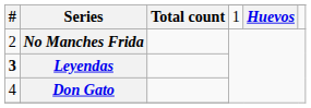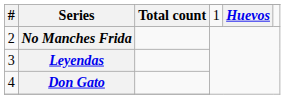 <table class="wikitable sortable plainrowheaders" style="margin:auto; margin:auto; text-align:center">
 <tr>
 <th rowspan="2">#</th>
 <th rowspan="2">Series</th>
 <th rowspan="2">Total count</th>
 </tr>
 <tr>
 <td>1</td>
 <th scope="row"><em><a href='#'>Huevos</a></em></th>
 <td style="text-align:center"></td>
 </tr>
 <tr>
 <td>2</td>
 <th scope="row"><em>No Manches Frida</em></th>
 <td style="text-align:center"></td>
 </tr>
 <tr>
-<td><strong>3</strong></td>
+<td>3</td>
 <th scope="row"><em><a href='#'>Leyendas</a></em></th>
 <td style="text-align:center"></td>
 </tr>
 <tr>
 <td>4</td>
 <th scope="row"><em><a href='#'>Don Gato</a></em></th>
 <td style="text-align:center"></td>
 </tr>
 <tr>
 </tr>
 </table>
